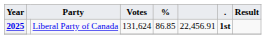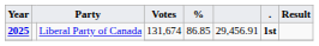 <table class="wikitable" style="font-size:90%; text-align:center;">
 <tr>
 <th style="background:#eaecf0;">Year</th>
 <th colspan="2" style="background:#eaecf0;">Party</th>
 <th style="background:#eaecf0;">Votes</th>
 <th style="background:#eaecf0;">%</th>
 <th style="background:#eaecf0;"></th>
 <th style="background:#eaecf0;">.</th>
 <th style="background:#eaecf0;">Result</th>
 </tr>
 <tr>
 <th align="left"><a href='#'>2025</a></th>
 <td rowspan="2" style="background-color:"></td>
 <td rowspan ="2" align="left"><a href='#'>Liberal Party of Canada</a></td>
-<td>131,624</td>
+<td>131,674</td>
 <td>86.85</td>
-<td>22,456.91</td>
+<td>29,456.91</td>
 <td><strong>1st</strong></td>
 <td></td>
 </tr>
 <tr>
 </tr>
 </table>
